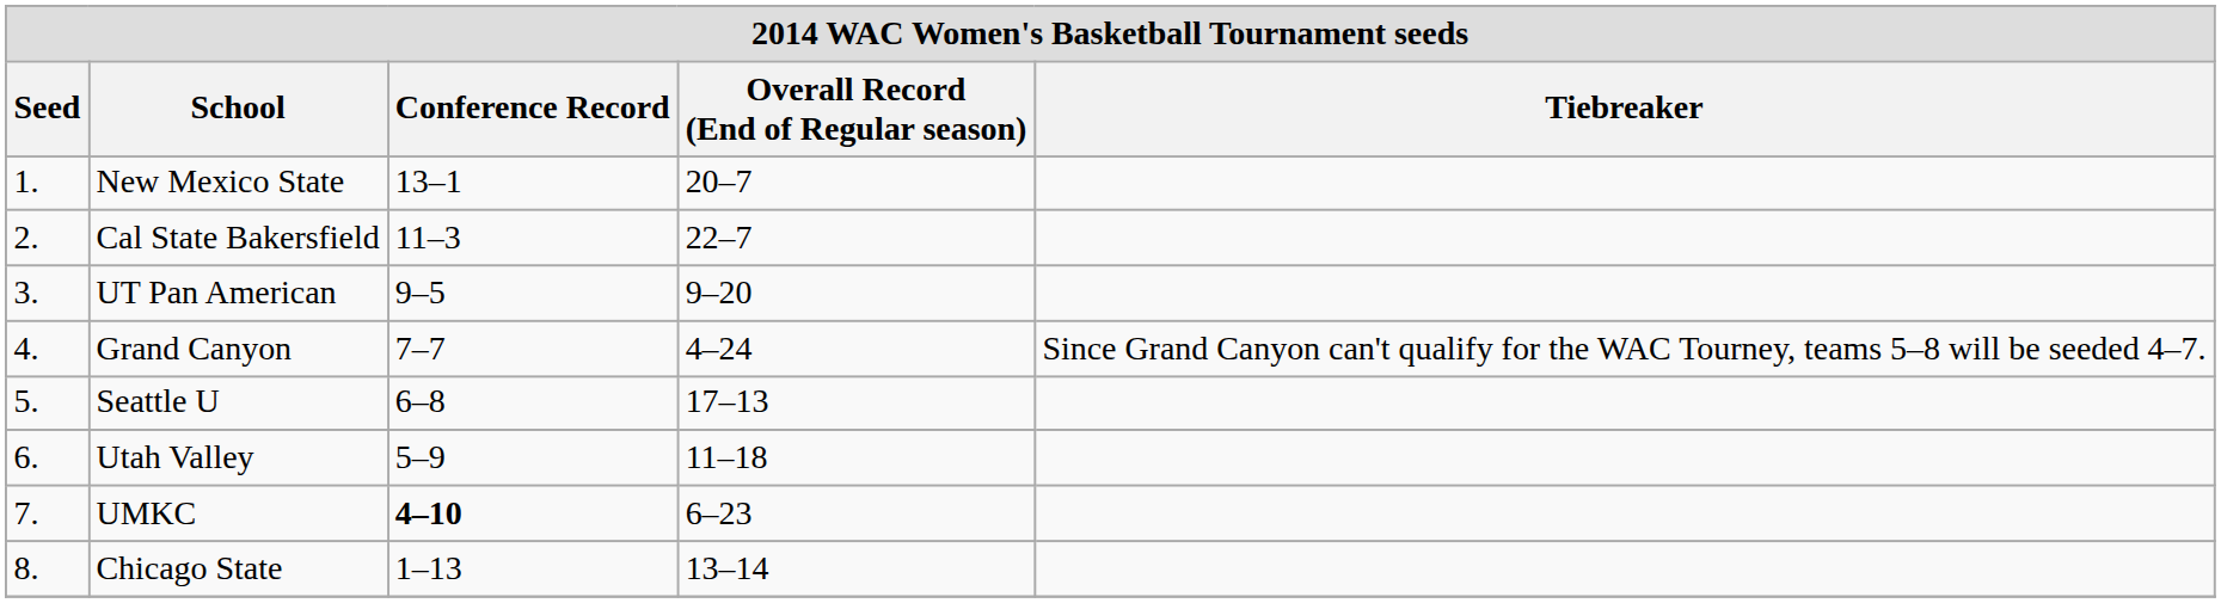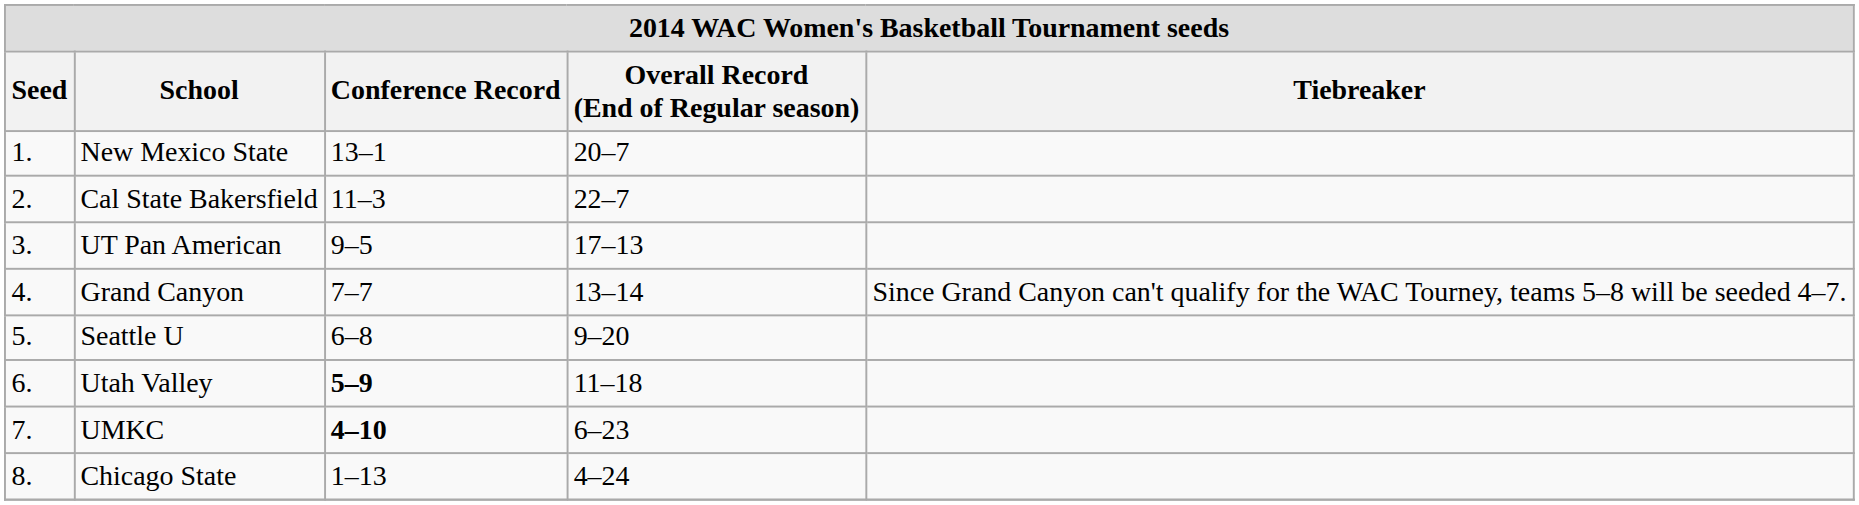 <table class="wikitable" style="white-space:nowrap; font-size:90%;">
 <tr>
 <td colspan="7" style="text-align:center; background:#DDDDDD; font:#000000"><strong>2014 WAC Women's Basketball Tournament seeds</strong></td>
 </tr>
 <tr bgcolor="#efefef">
 <th>Seed</th>
 <th>School</th>
 <th>Conference Record</th>
 <th>Overall Record <br>(End of Regular season)</th>
 <th>Tiebreaker</th>
 </tr>
 <tr>
 <td>1.</td>
 <td>New Mexico State</td>
 <td>13–1</td>
 <td>20–7</td>
 <td></td>
 </tr>
 <tr>
 <td>2.</td>
 <td>Cal State Bakersfield</td>
 <td>11–3</td>
 <td>22–7</td>
 <td></td>
 </tr>
 <tr>
 <td>3.</td>
 <td>UT Pan American</td>
 <td>9–5</td>
-<td>9–20</td>
+<td>17–13</td>
 <td></td>
 </tr>
 <tr>
 <td>4.</td>
 <td>Grand Canyon</td>
 <td>7–7</td>
-<td>4–24</td>
+<td>13–14</td>
 <td>Since Grand Canyon can't qualify for the WAC Tourney, teams 5–8 will be seeded 4–7.</td>
 </tr>
 <tr>
 <td>5.</td>
 <td>Seattle U</td>
 <td>6–8</td>
-<td>17–13</td>
+<td>9–20</td>
 <td></td>
 </tr>
 <tr>
 <td>6.</td>
 <td>Utah Valley</td>
-<td>5–9</td>
+<td><strong>5–9</strong></td>
 <td>11–18</td>
 <td></td>
 </tr>
 <tr>
 <td>7.</td>
 <td>UMKC</td>
 <td><strong>4–10</strong></td>
 <td>6–23</td>
 <td></td>
 </tr>
 <tr>
 <td>8.</td>
 <td>Chicago State</td>
 <td>1–13</td>
-<td>13–14</td>
+<td>4–24</td>
 <td></td>
 </tr>
 <tr>
 </tr>
 </table>
